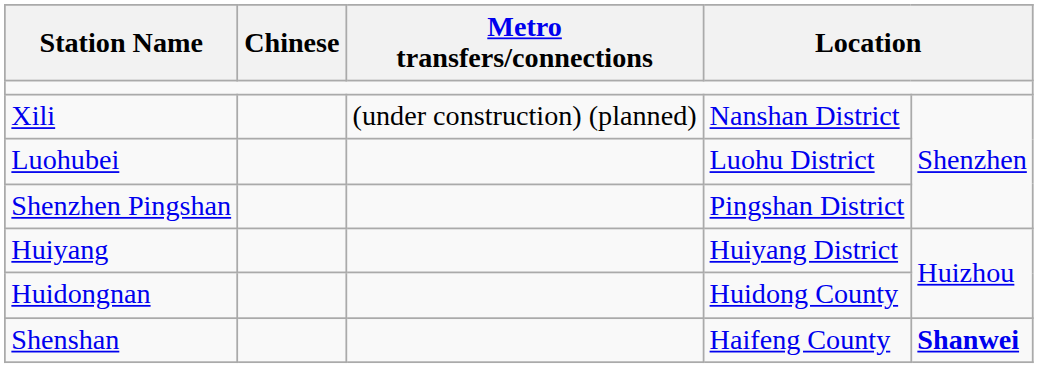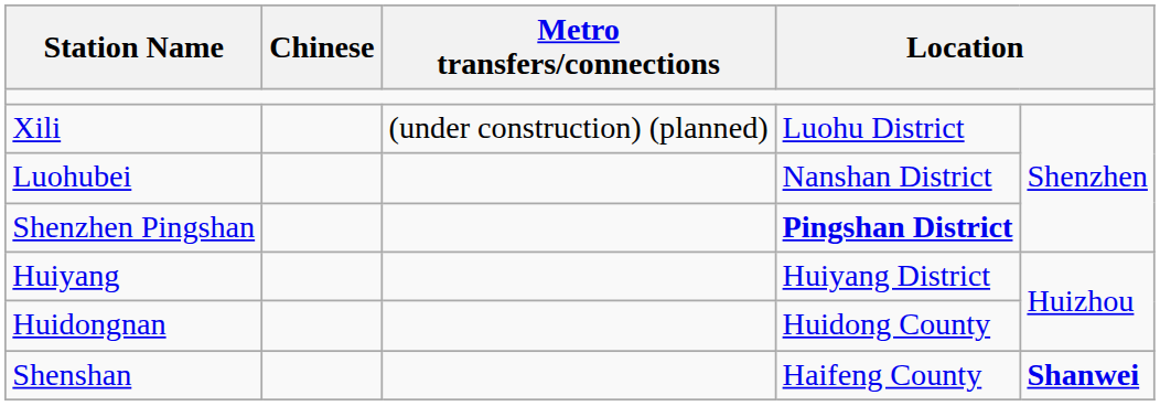 <table class="wikitable">
 <tr>
 <th>Station Name</th>
 <th>Chinese<br> </th>
 <th><a href='#'>Metro</a><br>transfers/connections</th>
 <th colspan="2">Location</th>
 </tr>
 <tr style="background:#">
 <td colspan = "11"></td>
 </tr>
 <tr>
 <td><a href='#'>Xili</a></td>
 <td></td>
 <td>  (under construction)  (planned)</td>
-<td><a href='#'>Nanshan District</a></td>
+<td><a href='#'>Luohu District</a></td>
 <td rowspan="3"><a href='#'>Shenzhen</a></td>
 </tr>
 <tr>
 <td><a href='#'>Luohubei</a></td>
 <td></td>
 <td> </td>
-<td><a href='#'>Luohu District</a></td>
+<td><a href='#'>Nanshan District</a></td>
 </tr>
 <tr>
 <td><a href='#'>Shenzhen Pingshan</a></td>
 <td></td>
 <td> </td>
-<td><a href='#'>Pingshan District</a></td>
+<td><strong><a href='#'>Pingshan District</a></strong></td>
 </tr>
 <tr>
 <td><a href='#'>Huiyang</a></td>
 <td></td>
 <td></td>
 <td><a href='#'>Huiyang District</a></td>
 <td rowspan="2"><a href='#'>Huizhou</a></td>
 </tr>
 <tr>
 <td><a href='#'>Huidongnan</a></td>
 <td></td>
 <td></td>
 <td><a href='#'>Huidong County</a></td>
 </tr>
 <tr>
 <td><a href='#'>Shenshan</a></td>
 <td></td>
 <td></td>
 <td><a href='#'>Haifeng County</a></td>
 <td><strong><a href='#'>Shanwei</a></strong></td>
 </tr>
 </table>
